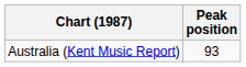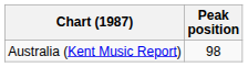 <table class="wikitable">
 <tr>
 <th scope="col">Chart (1987)</th>
 <th>Peak <br>position</th>
 </tr>
 <tr>
 <td>Australia (<a href='#'>Kent Music Report</a>)</td>
-<td style="text-align:center;">93</td>
+<td style="text-align:center;">98</td>
 </tr>
 </table>
